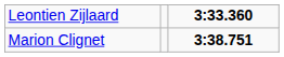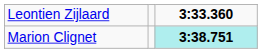 <table class="wikitable" style="text-align:center;">
 <tr>
 <td style="width:10em" align=left><a href='#'>Leontien Zijlaard</a></td>
 <td></td>
 <td style="width:7em;"><strong>3:33.360</strong></td>
 </tr>
 <tr>
 <td align=left><a href='#'>Marion Clignet</a></td>
 <td></td>
-<td><strong>3:38.751</strong></td>
+<td style="background: paleturquoise;"><strong>3:38.751</strong></td>
 </tr>
 </table>
